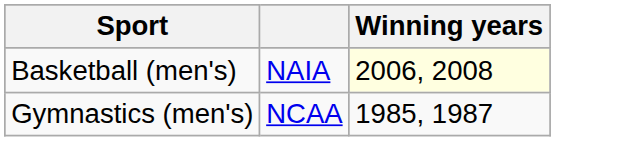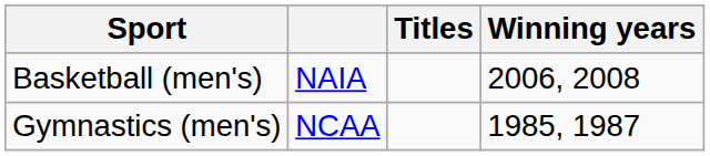 <table class="wikitable"; style= "text-align: ">
 <tr>
 <th width=px>Sport</th>
 <th width=px></th>
+<th width=px>Titles</th>
 <th width=px>Winning years</th>
 </tr>
 <tr>
 <td>Basketball (men's)</td>
 <td><a href='#'>NAIA</a></td>
-<td style="background: lightyellow;">2006, 2008</td>
+<td></td>
+<td>2006, 2008</td>
 </tr>
 <tr>
 <td>Gymnastics (men's)</td>
 <td><a href='#'>NCAA</a></td>
+<td></td>
 <td>1985, 1987</td>
 </tr>
 </table>
